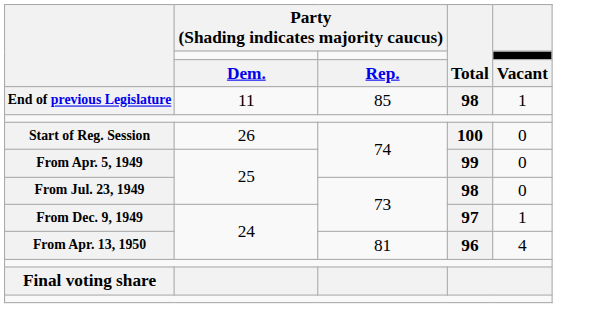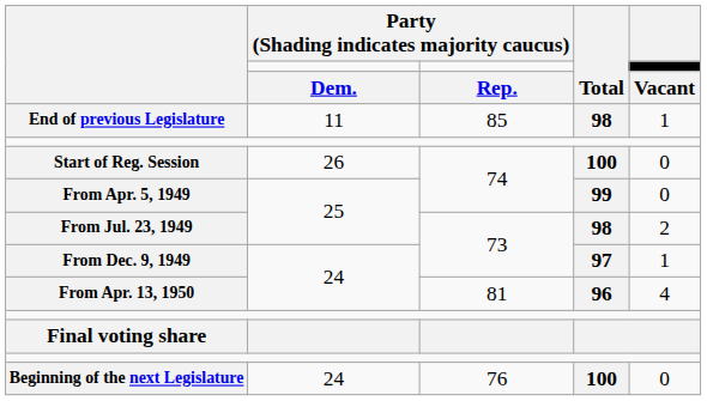 <table class=wikitable style="text-align:center">
 <tr style="vertical-align:bottom;">
 <th rowspan=3></th>
 <th colspan=2>Party <div>(Shading indicates majority caucus)</div></th>
 <th rowspan=3>Total</th>
 <th></th>
 </tr>
 <tr style="height:5px">
 <td style="background-color:"></td>
 <td style="background-color:"></td>
 <td style="background:black;"></td>
 </tr>
 <tr>
 <th><a href='#'>Dem.</a></th>
 <th><a href='#'>Rep.</a></th>
 <th>Vacant</th>
 </tr>
 <tr>
 <th style="font-size:80%;">End of <a href='#'>previous Legislature</a></th>
 <td>11</td>
 <td>85</td>
 <th>98</th>
 <td>1</td>
 </tr>
 <tr>
 <td colspan=5></td>
 </tr>
 <tr>
 <th style="font-size:80%;">Start of Reg. Session</th>
 <td>26</td>
 <td rowspan="2" >74</td>
 <th>100</th>
 <td>0</td>
 </tr>
 <tr>
 <th style="font-size:80%;">From Apr. 5, 1949</th>
 <td rowspan="2">25</td>
 <th>99</th>
 <td>0</td>
 </tr>
 <tr>
 <th style="font-size:80%;">From Jul. 23, 1949</th>
 <td rowspan="2" >73</td>
 <th>98</th>
-<td>0</td>
+<td>2</td>
 </tr>
 <tr>
 <th style="font-size:80%;">From Dec. 9, 1949</th>
 <td rowspan="2">24</td>
 <th>97</th>
 <td>1</td>
 </tr>
 <tr>
 <th style="font-size:80%;">From Apr. 13, 1950</th>
 <td>81</td>
 <th>96</th>
 <td>4</td>
 </tr>
 <tr>
 <td colspan=5></td>
 </tr>
 <tr>
 <th>Final voting share</th>
 <th></th>
 <th></th>
 <th colspan=2></th>
 </tr>
 <tr>
 <td colspan=5></td>
 </tr>
+<tr>
+<th style="font-size:80%;">Beginning of the <a href='#'>next Legislature</a></th>
+<td>24</td>
+<td>76</td>
+<th>100</th>
+<td>0</td>
+</tr>
 </table>
